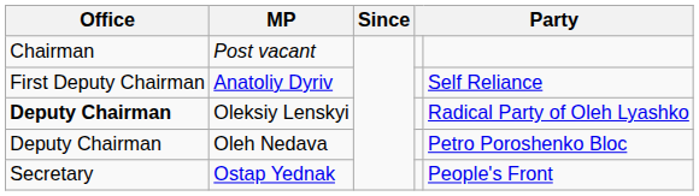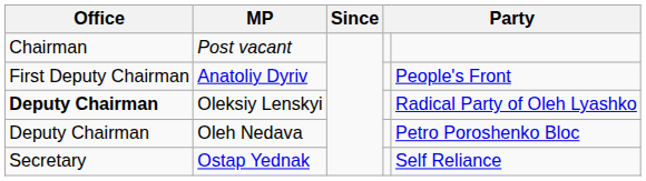 <table class=wikitable>
 <tr>
 <th>Office</th>
 <th>MP</th>
 <th>Since</th>
 <th colspan=2>Party</th>
 </tr>
 <tr>
 <td>Chairman</td>
 <td><em>Post vacant</em></td>
 <td rowspan=6></td>
 <td></td>
 <td></td>
 </tr>
 <tr>
 <td>First Deputy Chairman</td>
 <td><a href='#'>Anatoliy Dyriv</a></td>
 <td style="background-color:"></td>
-<td><a href='#'>Self Reliance</a></td>
+<td><a href='#'>People's Front</a></td>
 </tr>
 <tr>
 <td><strong>Deputy Chairman</strong></td>
 <td>Oleksiy Lenskyi</td>
 <td style="background-color:"></td>
 <td><a href='#'>Radical Party of Oleh Lyashko</a></td>
 </tr>
 <tr>
 <td>Deputy Chairman</td>
 <td>Oleh Nedava</td>
 <td style="background-color:"></td>
 <td><a href='#'>Petro Poroshenko Bloc</a></td>
 </tr>
 <tr>
 <td>Secretary</td>
 <td><a href='#'>Ostap Yednak</a></td>
 <td style="background-color:"></td>
-<td><a href='#'>People's Front</a></td>
+<td><a href='#'>Self Reliance</a></td>
 </tr>
 </table>
